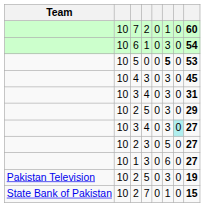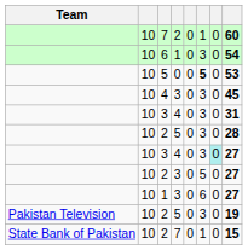 <table class="wikitable sortable" style="text-align: center">
 <tr>
 <th>Team</th>
 <th></th>
 <th></th>
 <th></th>
 <th></th>
 <th></th>
 <th></th>
 <th></th>
 </tr>
 <tr bgcolor=ccffcc>
 <td style="text-align:left"></td>
 <td>10</td>
 <td>7</td>
 <td>2</td>
 <td>0</td>
 <td>1</td>
 <td>0</td>
 <td><strong>60</strong></td>
 </tr>
 <tr bgcolor=ccffcc>
 <td style="text-align:left"></td>
 <td>10</td>
 <td>6</td>
 <td>1</td>
 <td>0</td>
 <td>3</td>
 <td>0</td>
 <td><strong>54</strong></td>
 </tr>
 <tr>
 <td style="text-align:left"></td>
 <td>10</td>
 <td>5</td>
 <td>0</td>
 <td>0</td>
 <td><strong>5</strong></td>
 <td>0</td>
 <td><strong>53</strong></td>
 </tr>
 <tr>
 <td style="text-align:left"></td>
 <td>10</td>
 <td>4</td>
 <td>3</td>
 <td>0</td>
 <td>3</td>
 <td>0</td>
 <td><strong>45</strong></td>
 </tr>
 <tr>
 <td style="text-align:left"></td>
 <td>10</td>
 <td>3</td>
 <td>4</td>
 <td>0</td>
 <td>3</td>
 <td>0</td>
 <td><strong>31</strong></td>
 </tr>
 <tr>
 <td style="text-align:left"></td>
 <td>10</td>
 <td>2</td>
 <td>5</td>
 <td>0</td>
 <td>3</td>
 <td>0</td>
-<td><strong>29</strong></td>
+<td><strong>28</strong></td>
 </tr>
 <tr>
 <td style="text-align:left"></td>
 <td>10</td>
 <td>3</td>
 <td>4</td>
 <td>0</td>
 <td>3</td>
 <td style="background: paleturquoise;">0</td>
 <td><strong>27</strong></td>
 </tr>
 <tr>
 <td style="text-align:left"></td>
 <td>10</td>
 <td>2</td>
 <td>3</td>
 <td>0</td>
 <td>5</td>
 <td>0</td>
 <td><strong>27</strong></td>
 </tr>
 <tr>
 <td style="text-align:left"></td>
 <td>10</td>
 <td>1</td>
 <td>3</td>
 <td>0</td>
 <td>6</td>
 <td>0</td>
 <td><strong>27</strong></td>
 </tr>
 <tr>
 <td style="text-align:left"><a href='#'>Pakistan Television</a></td>
 <td>10</td>
 <td>2</td>
 <td>5</td>
 <td>0</td>
 <td>3</td>
 <td>0</td>
 <td><strong>19</strong></td>
 </tr>
 <tr>
 <td style="text-align:left"><a href='#'>State Bank of Pakistan</a></td>
 <td>10</td>
 <td>2</td>
 <td>7</td>
 <td>0</td>
 <td>1</td>
 <td>0</td>
 <td><strong>15</strong></td>
 </tr>
 </table>
